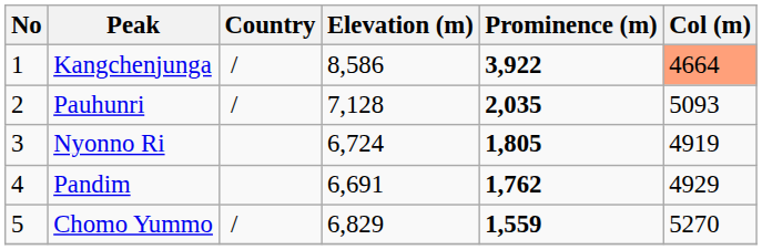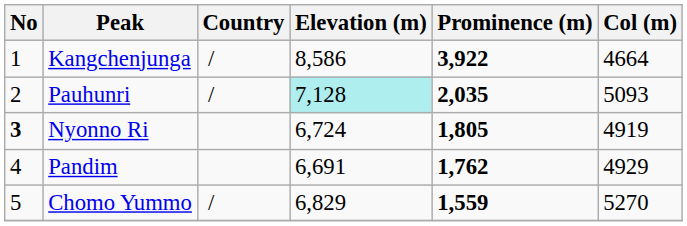 <table class="wikitable sortable">
 <tr>
 <th>No</th>
 <th>Peak</th>
 <th>Country</th>
 <th>Elevation (m)</th>
 <th>Prominence (m)</th>
 <th>Col (m)</th>
 </tr>
 <tr>
 <td>1</td>
 <td><a href='#'>Kangchenjunga</a></td>
 <td> / </td>
 <td>8,586</td>
 <td><strong>3,922</strong></td>
-<td style="background: lightsalmon;">4664</td>
+<td>4664</td>
 </tr>
 <tr>
 <td>2</td>
 <td><a href='#'>Pauhunri</a></td>
 <td> / </td>
-<td>7,128</td>
+<td style="background: paleturquoise;">7,128</td>
 <td><strong>2,035</strong></td>
 <td>5093</td>
 </tr>
 <tr>
-<td>3</td>
+<td><strong>3</strong></td>
 <td><a href='#'>Nyonno Ri</a></td>
 <td></td>
 <td>6,724</td>
 <td><strong>1,805</strong></td>
 <td>4919</td>
 </tr>
 <tr>
 <td>4</td>
 <td><a href='#'>Pandim</a></td>
 <td></td>
 <td>6,691</td>
 <td><strong>1,762</strong></td>
 <td>4929</td>
 </tr>
 <tr>
 <td>5</td>
 <td><a href='#'>Chomo Yummo</a></td>
 <td> / </td>
 <td>6,829</td>
 <td><strong>1,559</strong></td>
 <td>5270</td>
 </tr>
 <tr>
 </tr>
 </table>
